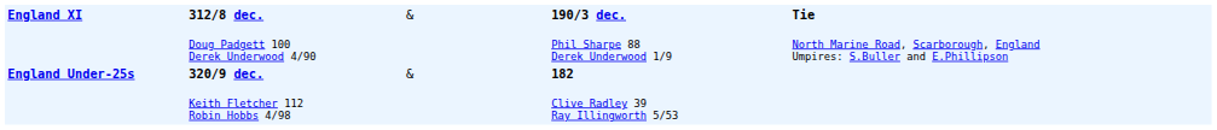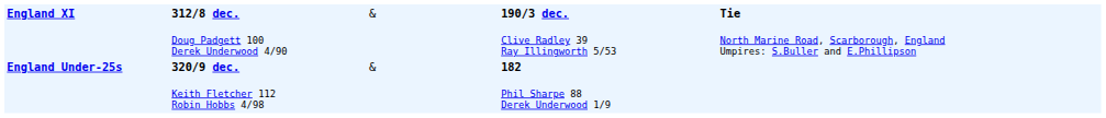 <table width="100%" style="background: #EBF5FF">
 <tr>
 <td width="15%" valign="top" rowspan="2"><strong><a href='#'>England XI</a></strong></td>
 <td width="18%"><strong>312/8 <a href='#'>dec.</a></strong></td>
 <td width="12%">&</td>
 <td width="20%"><strong>190/3 <a href='#'>dec.</a></strong></td>
 <td width="35%"><strong>Tie</strong></td>
 </tr>
 <tr>
 <td style="font-size: 85%;" valign="top"><br><a href='#'>Doug Padgett</a> 100<br> <a href='#'>Derek Underwood</a> 4/90</td>
 <td></td>
-<td style="font-size: 85%;"><br><a href='#'>Phil Sharpe</a> 88<br> <a href='#'>Derek Underwood</a> 1/9</td>
+<td valign="top" style="font-size: 85%;"><br><a href='#'>Clive Radley</a> 39<br> <a href='#'>Ray Illingworth</a> 5/53</td>
 <td valign="top" style="font-size: 85%;" rowspan="3"><br><a href='#'>North Marine Road</a>, <a href='#'>Scarborough</a>, <a href='#'>England</a><br> Umpires: <a href='#'>S.Buller</a> and <a href='#'>E.Phillipson</a></td>
 </tr>
 <tr>
 <td valign="top" rowspan="2"><strong><a href='#'>England Under-25s</a></strong></td>
 <td><strong>320/9 <a href='#'>dec.</a></strong></td>
 <td>&</td>
 <td><strong>182</strong></td>
 </tr>
 <tr>
 <td style="font-size: 85%;"><br><a href='#'>Keith Fletcher</a> 112<br> <a href='#'>Robin Hobbs</a> 4/98</td>
 <td></td>
-<td valign="top" style="font-size: 85%;"><br><a href='#'>Clive Radley</a> 39<br> <a href='#'>Ray Illingworth</a> 5/53</td>
+<td style="font-size: 85%;"><br><a href='#'>Phil Sharpe</a> 88<br> <a href='#'>Derek Underwood</a> 1/9</td>
 </tr>
 </table>
